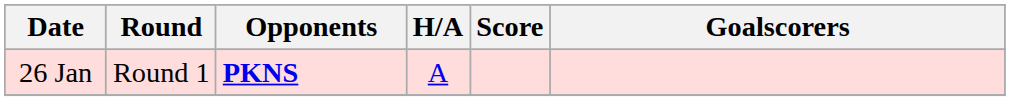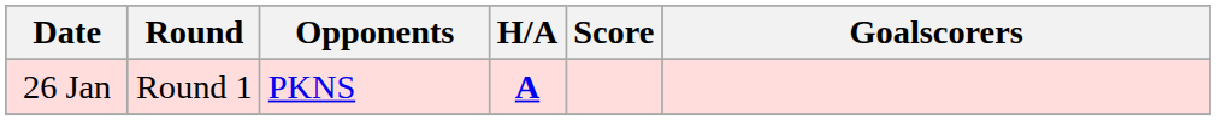 <table class="wikitable" style="text-align:center">
 <tr>
 <th width="50" style="text-align:center">Date</th>
 <th align="center">Round</th>
 <th align='left' width="100">Opponents</th>
 <th>H/A</th>
 <th>Score</th>
 <th align="left" width="250">Goalscorers</th>
 </tr>
 <tr bgcolor="#ffdddd">
 <td>26 Jan</td>
 <td>Round 1</td>
-<td align='left'><strong><a href='#'>PKNS</a></strong></td>
-<td><a href='#'>A</a></td>
+<td align='left'><a href='#'>PKNS</a></td>
+<td><strong><a href='#'>A</a></strong></td>
 <td></td>
 <td></td>
 </tr>
 <tr>
 </tr>
 </table>
